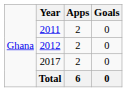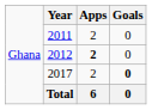 <table class="wikitable" style="text-align:center">
 <tr>
 <td rowspan="5"><a href='#'>Ghana</a></td>
 <th>Year</th>
 <th>Apps</th>
 <th>Goals</th>
 </tr>
 <tr>
 <td><a href='#'>2011</a></td>
 <td>2</td>
 <td>0</td>
 </tr>
 <tr>
 <td><a href='#'>2012</a></td>
-<td>2</td>
+<td><strong>2</strong></td>
 <td>0</td>
 </tr>
 <tr>
 <td>2017</td>
 <td>2</td>
-<td>0</td>
+<td><strong>0</strong></td>
 </tr>
 <tr>
 <th>Total</th>
 <th>6</th>
 <th>0</th>
 </tr>
 </table>
